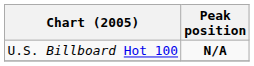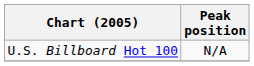 <table class="wikitable">
 <tr>
 <th align="left">Chart (2005)</th>
 <th align="left">Peak<br>position</th>
 </tr>
 <tr>
 <td align="left">U.S. <em>Billboard</em> <a href='#'>Hot 100</a></td>
-<td align="center"><strong>N/A</strong></td>
+<td align="center">N/A</td>
 </tr>
 <tr>
 </tr>
 </table>
